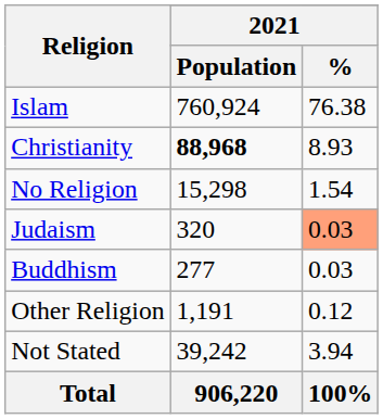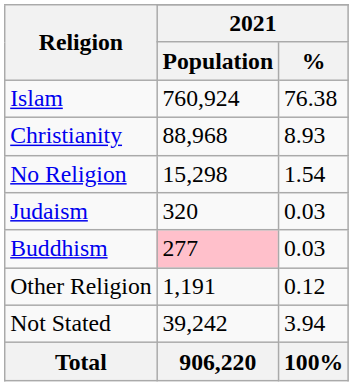 <table class="wikitable sortable">
 <tr>
 <th rowspan="3">Religion</th>
 </tr>
 <tr>
 <th colspan="2">2021</th>
 </tr>
 <tr>
 <th>Population</th>
 <th>%</th>
 </tr>
 <tr>
 <td><a href='#'>Islam</a></td>
 <td>760,924</td>
 <td>76.38</td>
 </tr>
 <tr>
 <td><a href='#'>Christianity</a></td>
-<td><strong>88,968</strong></td>
+<td>88,968</td>
 <td>8.93</td>
 </tr>
 <tr>
 <td><a href='#'>No Religion</a></td>
 <td>15,298</td>
 <td>1.54</td>
 </tr>
 <tr>
 <td><a href='#'>Judaism</a></td>
 <td>320</td>
-<td style="background: lightsalmon;">0.03</td>
+<td>0.03</td>
 </tr>
 <tr>
 <td><a href='#'>Buddhism</a></td>
-<td>277</td>
+<td style="background: pink;">277</td>
 <td>0.03</td>
 </tr>
 <tr>
 <td>Other Religion</td>
 <td>1,191</td>
 <td>0.12</td>
 </tr>
 <tr>
 <td>Not Stated</td>
 <td>39,242</td>
 <td>3.94</td>
 </tr>
 <tr>
 <th>Total</th>
 <th>906,220</th>
 <th>100%</th>
 </tr>
 </table>
